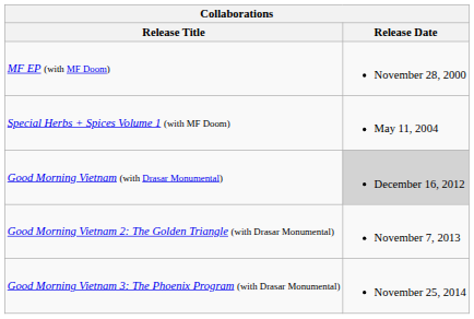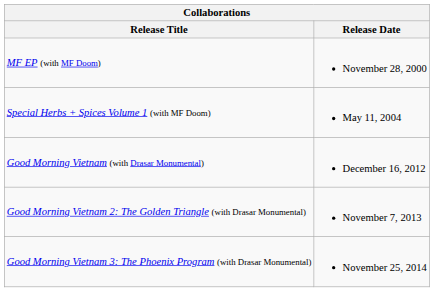 <table class="wikitable">
 <tr>
 <th colspan=2>Collaborations</th>
 </tr>
 <tr>
 <th>Release Title</th>
 <th>Release Date</th>
 </tr>
 <tr>
 <td><em><a href='#'>MF EP</a></em> <small>(with <a href='#'>MF Doom</a>)</small></td>
 <td><br><ul><li>November 28, 2000</li></ul></td>
 </tr>
 <tr>
 <td><em><a href='#'>Special Herbs + Spices Volume 1</a></em> <small>(with MF Doom)</small></td>
 <td><br><ul><li>May 11, 2004</li></ul></td>
 </tr>
 <tr>
 <td><em><a href='#'>Good Morning Vietnam</a></em> <small>(with <a href='#'>Drasar Monumental</a>)</small></td>
-<td style="background: lightgrey;"><br><ul><li>December 16, 2012</li></ul></td>
+<td><br><ul><li>December 16, 2012</li></ul></td>
 </tr>
 <tr>
 <td><em><a href='#'>Good Morning Vietnam 2: The Golden Triangle</a></em> <small>(with Drasar Monumental)</small></td>
 <td><br><ul><li>November 7, 2013</li></ul></td>
 </tr>
 <tr>
 <td><em><a href='#'>Good Morning Vietnam 3: The Phoenix Program</a></em> <small>(with Drasar Monumental)</small></td>
 <td><br><ul><li>November 25, 2014</li></ul></td>
 </tr>
 </table>
